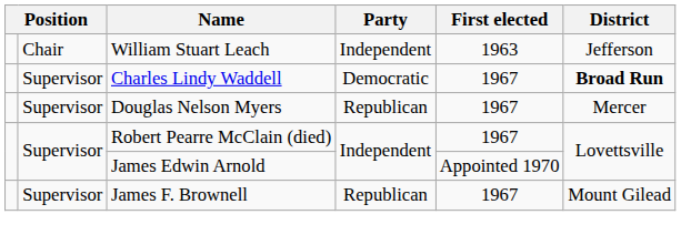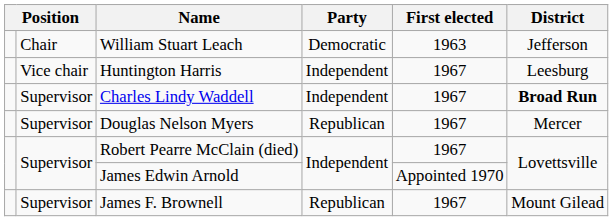 <table class="wikitable">
 <tr>
 <th colspan="2">Position</th>
 <th>Name</th>
 <th>Party</th>
 <th>First elected</th>
 <th>District</th>
 </tr>
 <tr>
 <td style="background-color:"> </td>
 <td>Chair</td>
 <td>William Stuart Leach</td>
-<td style="text-align:center;">Independent</td>
+<td style="text-align:center;">Democratic</td>
 <td style="text-align:center;">1963</td>
 <td style="text-align:center;">Jefferson</td>
 </tr>
 <tr>
 <td style="background-color:"> </td>
+<td>Vice chair</td>
+<td>Huntington Harris</td>
+<td style="text-align:center;">Independent</td>
+<td style="text-align:center;">1967</td>
+<td style="text-align:center;">Leesburg</td>
+</tr>
+<tr>
+<td style="background-color:"> </td>
 <td>Supervisor</td>
 <td><a href='#'>Charles Lindy Waddell</a></td>
-<td style="text-align:center;">Democratic</td>
+<td style="text-align:center;">Independent</td>
 <td style="text-align:center;">1967</td>
 <td style="text-align:center;"><strong>Broad Run</strong></td>
 </tr>
 <tr>
 <td style="background-color:"> </td>
 <td>Supervisor</td>
 <td>Douglas Nelson Myers</td>
 <td style="text-align:center;">Republican</td>
 <td style="text-align:center;">1967</td>
 <td style="text-align:center;">Mercer</td>
 </tr>
 <tr>
 <td rowspan="2" style="background-color:"> </td>
 <td rowspan="2">Supervisor</td>
 <td>Robert Pearre McClain (died)</td>
 <td rowspan="2" style="text-align:center;">Independent</td>
 <td style="text-align:center;">1967</td>
 <td rowspan="2" style="text-align:center;">Lovettsville</td>
 </tr>
 <tr>
 <td>James Edwin Arnold</td>
 <td>Appointed 1970</td>
 </tr>
 <tr>
 <td style="background-color:"> </td>
 <td>Supervisor</td>
 <td>James F. Brownell</td>
 <td style="text-align:center;">Republican</td>
 <td style="text-align:center;">1967</td>
 <td style="text-align:center;">Mount Gilead</td>
 </tr>
 </table>
